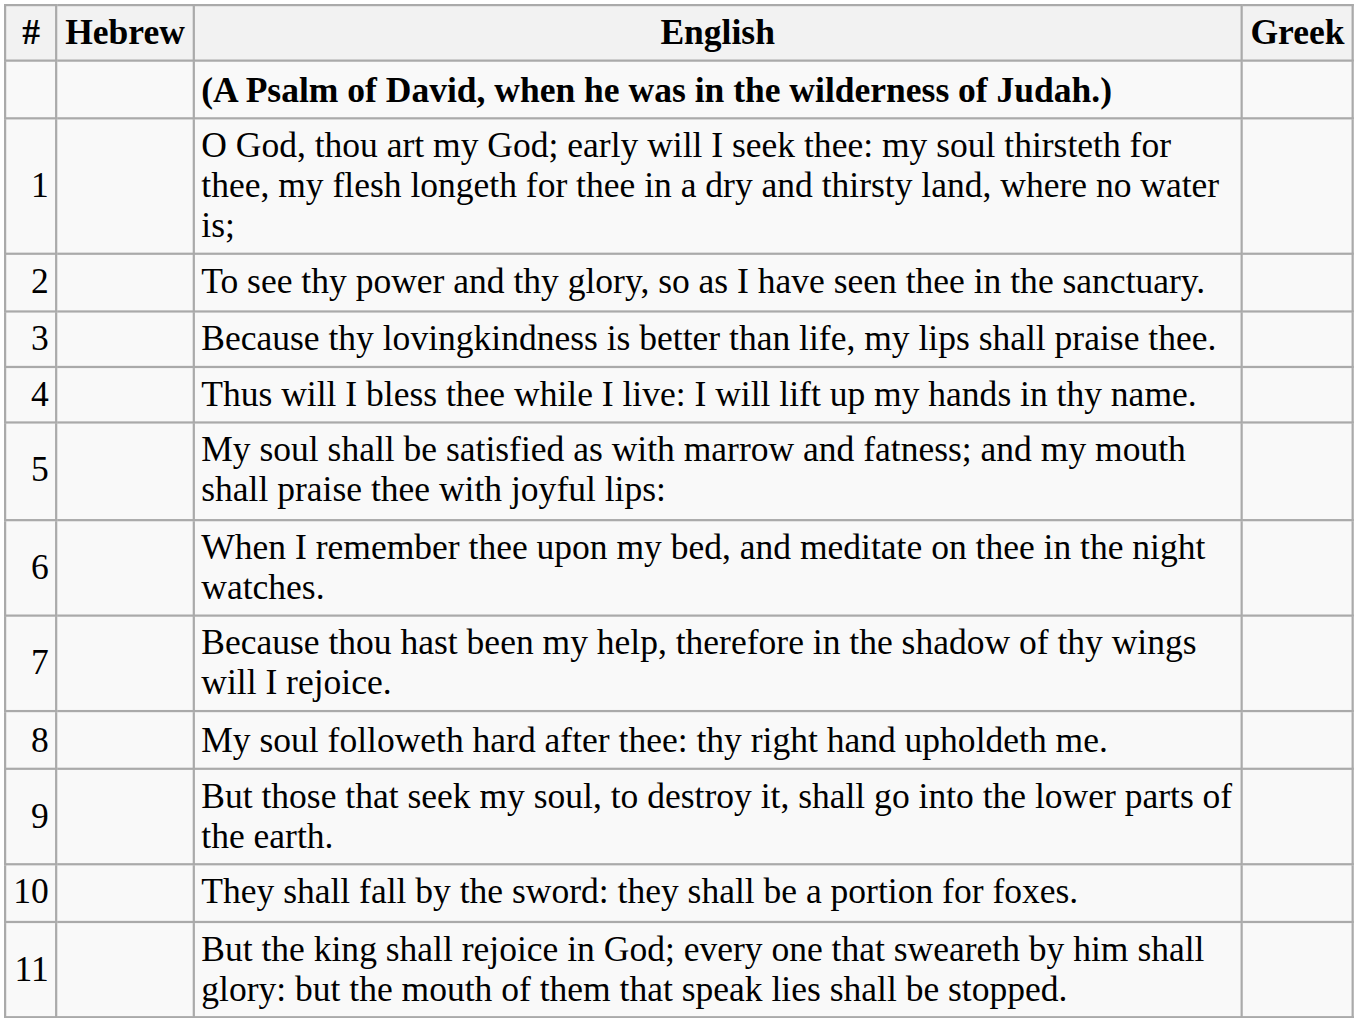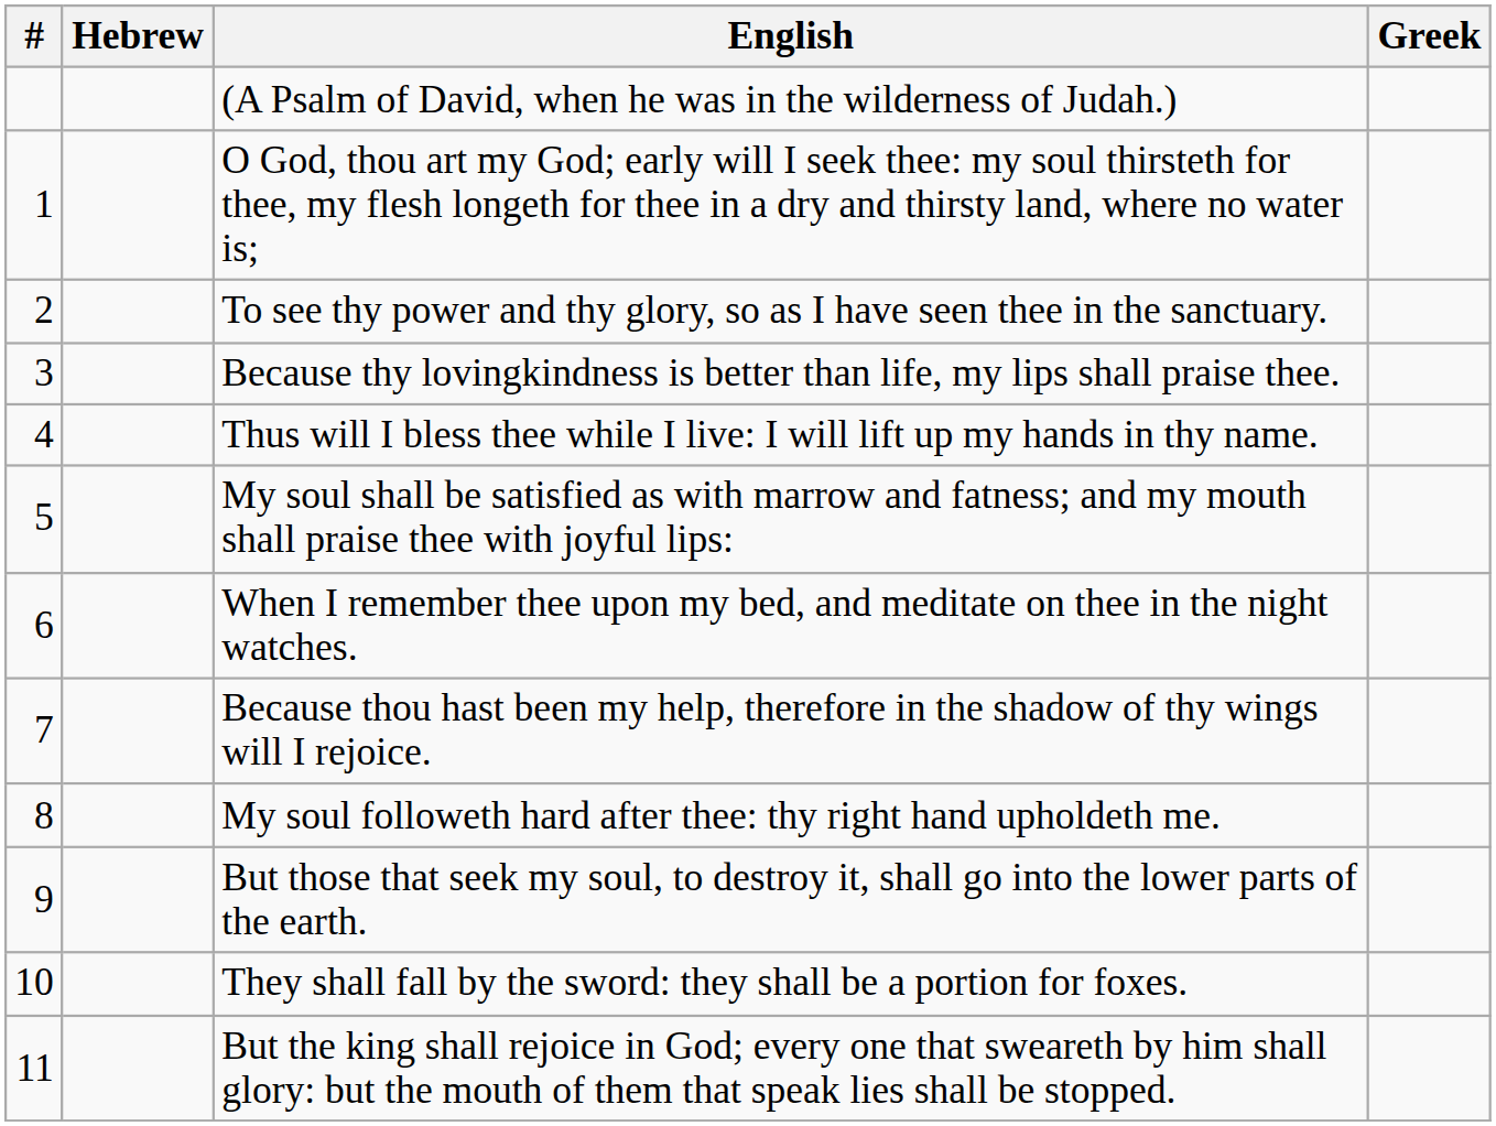 <table class=wikitable>
 <tr>
 <th>#</th>
 <th>Hebrew</th>
 <th>English</th>
 <th>Greek</th>
 </tr>
 <tr>
 <td style="text-align:right"></td>
 <td style="text-align:right"></td>
-<td><strong>(A Psalm of David, when he was in the wilderness of Judah.)</strong></td>
+<td>(A Psalm of David, when he was in the wilderness of Judah.)</td>
 <td></td>
 </tr>
 <tr>
 <td style="text-align:right">1</td>
 <td style="text-align:right"></td>
 <td>O God, thou art my God; early will I seek thee: my soul thirsteth for thee, my flesh longeth for thee in a dry and thirsty land, where no water is;</td>
 <td></td>
 </tr>
 <tr>
 <td style="text-align:right">2</td>
 <td style="text-align:right"></td>
 <td>To see thy power and thy glory, so as I have seen thee in the sanctuary.</td>
 <td></td>
 </tr>
 <tr>
 <td style="text-align:right">3</td>
 <td style="text-align:right"></td>
 <td>Because thy lovingkindness is better than life, my lips shall praise thee.</td>
 <td></td>
 </tr>
 <tr>
 <td style="text-align:right">4</td>
 <td style="text-align:right"></td>
 <td>Thus will I bless thee while I live: I will lift up my hands in thy name.</td>
 <td></td>
 </tr>
 <tr>
 <td style="text-align:right">5</td>
 <td style="text-align:right"></td>
 <td>My soul shall be satisfied as with marrow and fatness; and my mouth shall praise thee with joyful lips:</td>
 <td></td>
 </tr>
 <tr>
 <td style="text-align:right">6</td>
 <td style="text-align:right"></td>
 <td>When I remember thee upon my bed, and meditate on thee in the night watches.</td>
 <td></td>
 </tr>
 <tr>
 <td style="text-align:right">7</td>
 <td style="text-align:right"></td>
 <td>Because thou hast been my help, therefore in the shadow of thy wings will I rejoice.</td>
 <td></td>
 </tr>
 <tr>
 <td style="text-align:right">8</td>
 <td style="text-align:right"></td>
 <td>My soul followeth hard after thee: thy right hand upholdeth me.</td>
 <td></td>
 </tr>
 <tr>
 <td style="text-align:right">9</td>
 <td style="text-align:right"></td>
 <td>But those that seek my soul, to destroy it, shall go into the lower parts of the earth.</td>
 <td></td>
 </tr>
 <tr>
 <td style="text-align:right">10</td>
 <td style="text-align:right"></td>
 <td>They shall fall by the sword: they shall be a portion for foxes.</td>
 <td></td>
 </tr>
 <tr>
 <td style="text-align:right">11</td>
 <td style="text-align:right"></td>
 <td>But the king shall rejoice in God; every one that sweareth by him shall glory: but the mouth of them that speak lies shall be stopped.</td>
 <td></td>
 </tr>
 <tr>
 </tr>
 </table>
